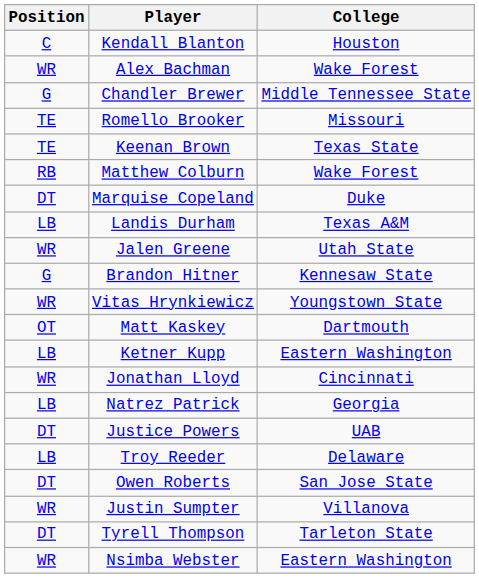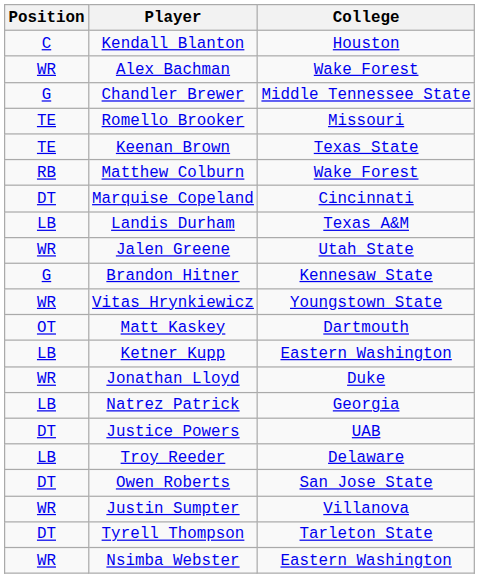 <table class="wikitable" style="text-align:center">
 <tr>
 <th>Position</th>
 <th>Player</th>
 <th>College</th>
 </tr>
 <tr>
 <td><a href='#'>C</a></td>
 <td><a href='#'>Kendall Blanton</a></td>
 <td><a href='#'>Houston</a></td>
 </tr>
 <tr>
 <td><a href='#'>WR</a></td>
 <td><a href='#'>Alex Bachman</a></td>
 <td><a href='#'>Wake Forest</a></td>
 </tr>
 <tr>
 <td><a href='#'>G</a></td>
 <td><a href='#'>Chandler Brewer</a></td>
 <td><a href='#'>Middle Tennessee State</a></td>
 </tr>
 <tr>
 <td><a href='#'>TE</a></td>
 <td><a href='#'>Romello Brooker</a></td>
 <td><a href='#'>Missouri</a></td>
 </tr>
 <tr>
 <td><a href='#'>TE</a></td>
 <td><a href='#'>Keenan Brown</a></td>
 <td><a href='#'>Texas State</a></td>
 </tr>
 <tr>
 <td><a href='#'>RB</a></td>
 <td><a href='#'>Matthew Colburn</a></td>
 <td><a href='#'>Wake Forest</a></td>
 </tr>
 <tr>
 <td><a href='#'>DT</a></td>
 <td><a href='#'>Marquise Copeland</a></td>
-<td><a href='#'>Duke</a></td>
+<td><a href='#'>Cincinnati</a></td>
 </tr>
 <tr>
 <td><a href='#'>LB</a></td>
 <td><a href='#'>Landis Durham</a></td>
 <td><a href='#'>Texas A&M</a></td>
 </tr>
 <tr>
 <td><a href='#'>WR</a></td>
 <td><a href='#'>Jalen Greene</a></td>
 <td><a href='#'>Utah State</a></td>
 </tr>
 <tr>
 <td><a href='#'>G</a></td>
 <td><a href='#'>Brandon Hitner</a></td>
 <td><a href='#'>Kennesaw State</a></td>
 </tr>
 <tr>
 <td><a href='#'>WR</a></td>
 <td><a href='#'>Vitas Hrynkiewicz</a></td>
 <td><a href='#'>Youngstown State</a></td>
 </tr>
 <tr>
 <td><a href='#'>OT</a></td>
 <td><a href='#'>Matt Kaskey</a></td>
 <td><a href='#'>Dartmouth</a></td>
 </tr>
 <tr>
 <td><a href='#'>LB</a></td>
 <td><a href='#'>Ketner Kupp</a></td>
 <td><a href='#'>Eastern Washington</a></td>
 </tr>
 <tr>
 <td><a href='#'>WR</a></td>
 <td><a href='#'>Jonathan Lloyd</a></td>
-<td><a href='#'>Cincinnati</a></td>
+<td><a href='#'>Duke</a></td>
 </tr>
 <tr>
 <td><a href='#'>LB</a></td>
 <td><a href='#'>Natrez Patrick</a></td>
 <td><a href='#'>Georgia</a></td>
 </tr>
 <tr>
 <td><a href='#'>DT</a></td>
 <td><a href='#'>Justice Powers</a></td>
 <td><a href='#'>UAB</a></td>
 </tr>
 <tr>
 <td><a href='#'>LB</a></td>
 <td><a href='#'>Troy Reeder</a></td>
 <td><a href='#'>Delaware</a></td>
 </tr>
 <tr>
 <td><a href='#'>DT</a></td>
 <td><a href='#'>Owen Roberts</a></td>
 <td><a href='#'>San Jose State</a></td>
 </tr>
 <tr>
 <td><a href='#'>WR</a></td>
 <td><a href='#'>Justin Sumpter</a></td>
 <td><a href='#'>Villanova</a></td>
 </tr>
 <tr>
 <td><a href='#'>DT</a></td>
 <td><a href='#'>Tyrell Thompson</a></td>
 <td><a href='#'>Tarleton State</a></td>
 </tr>
 <tr>
 <td><a href='#'>WR</a></td>
 <td><a href='#'>Nsimba Webster</a></td>
 <td><a href='#'>Eastern Washington</a></td>
 </tr>
 </table>
